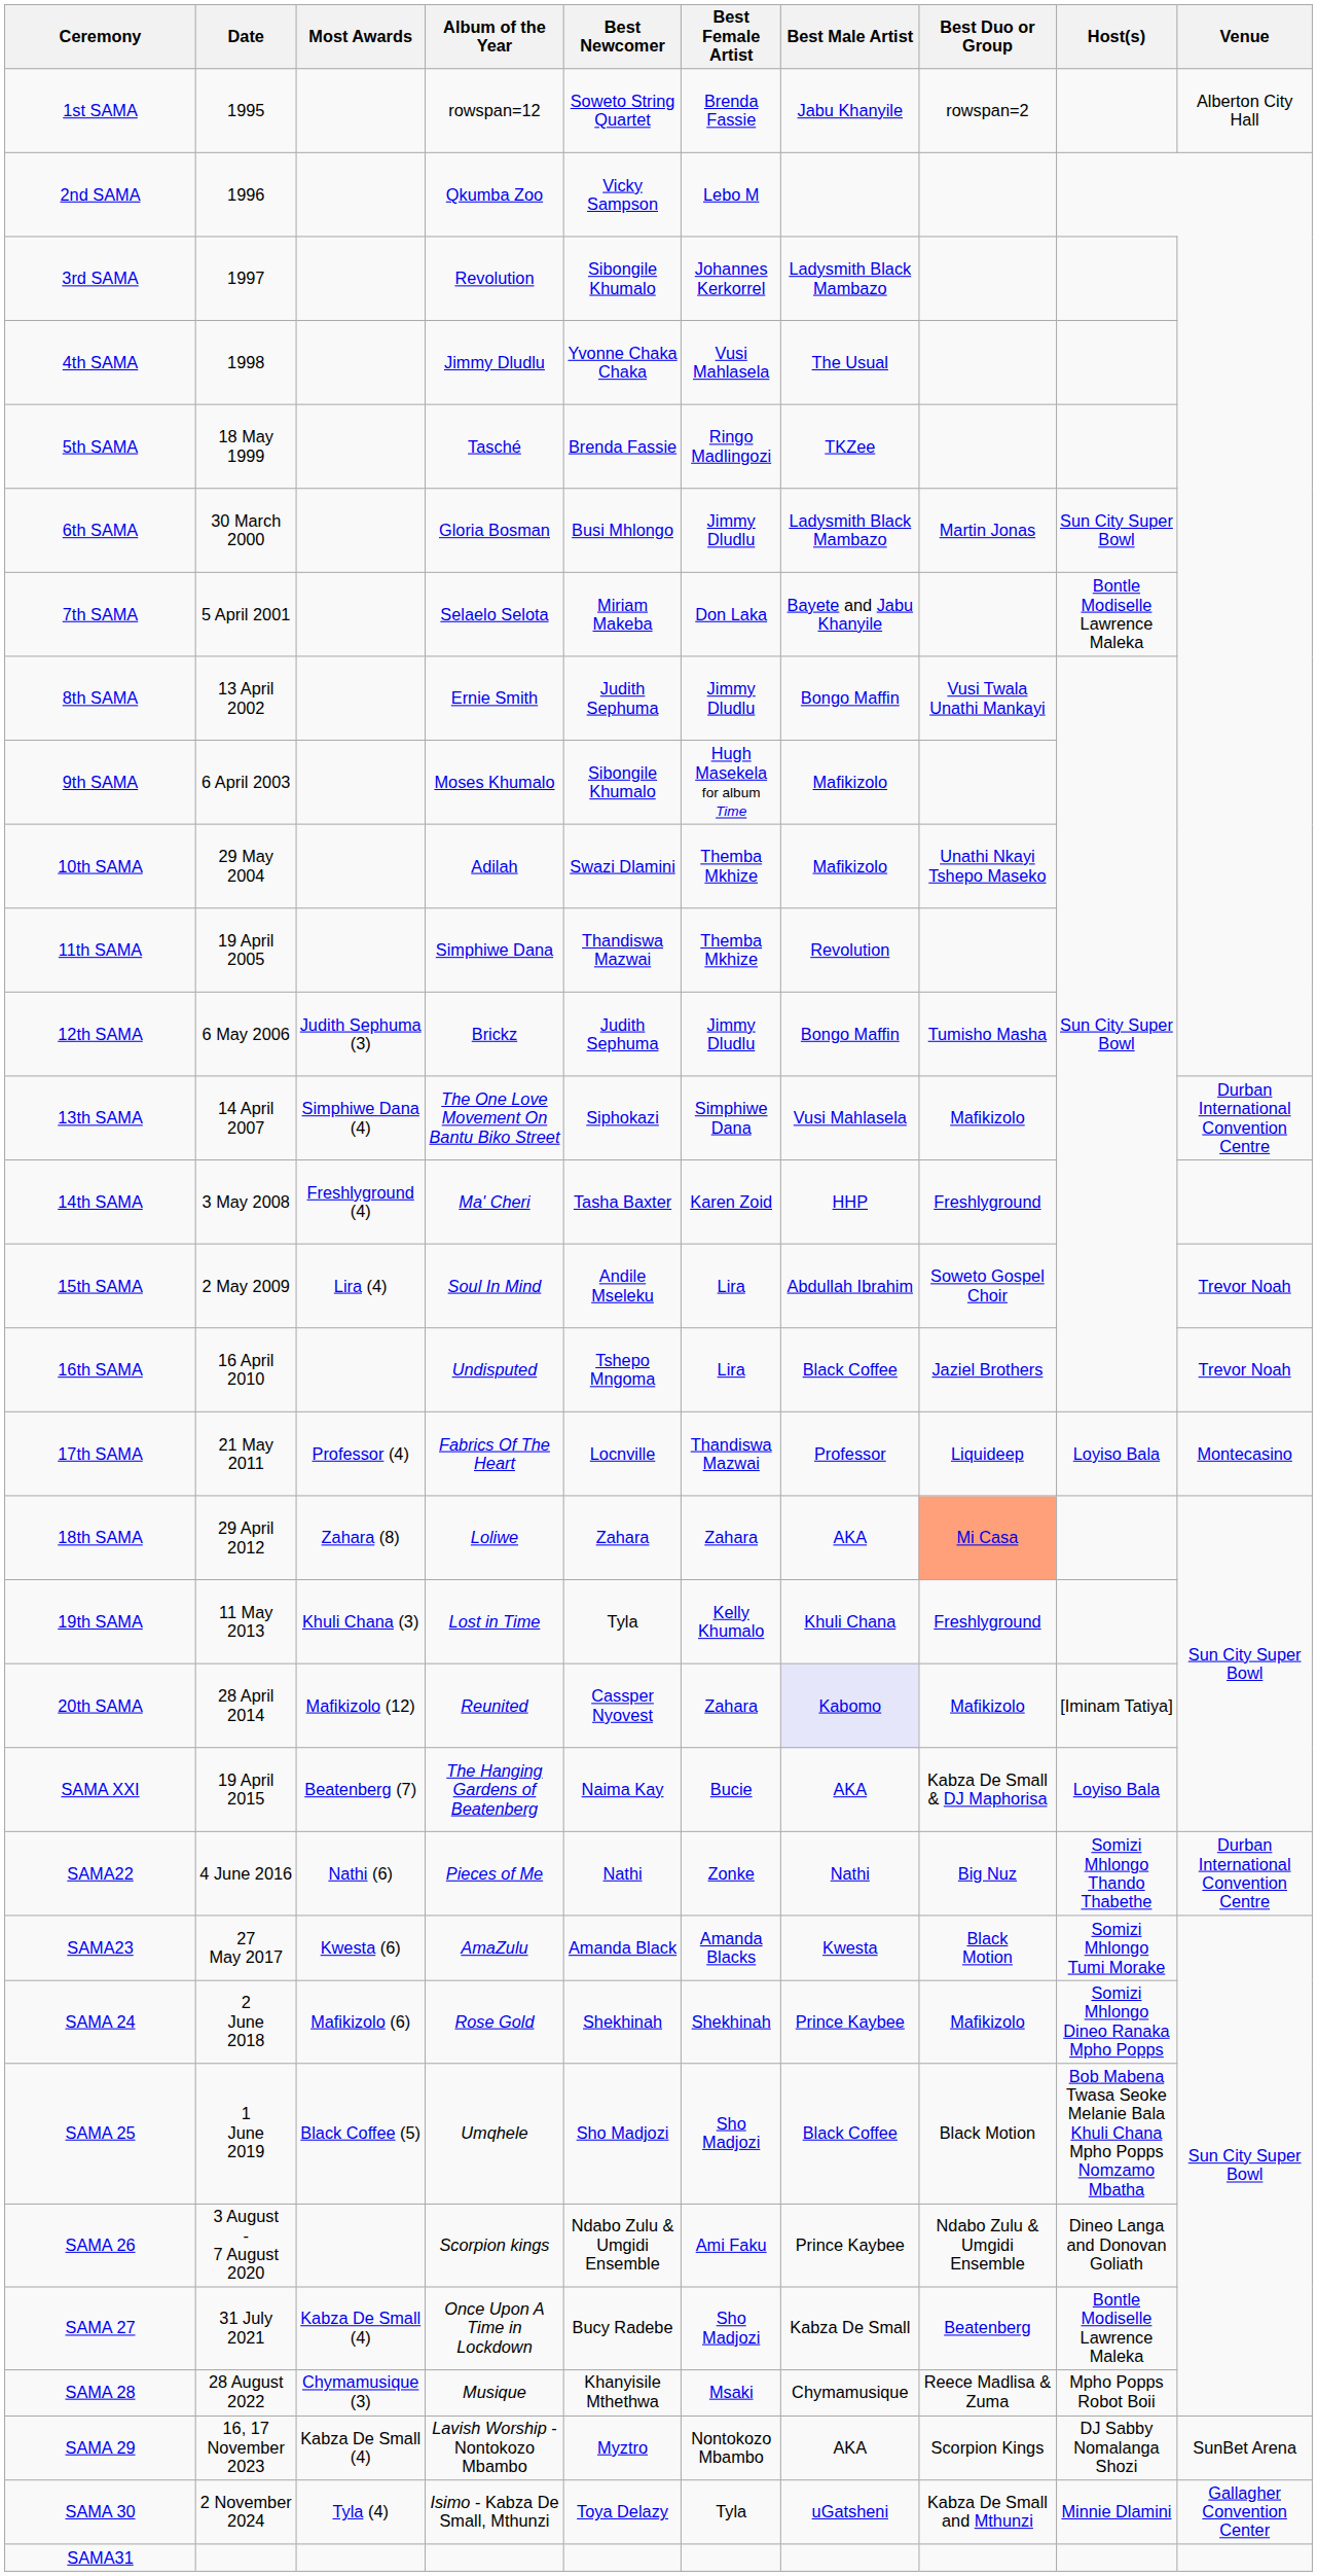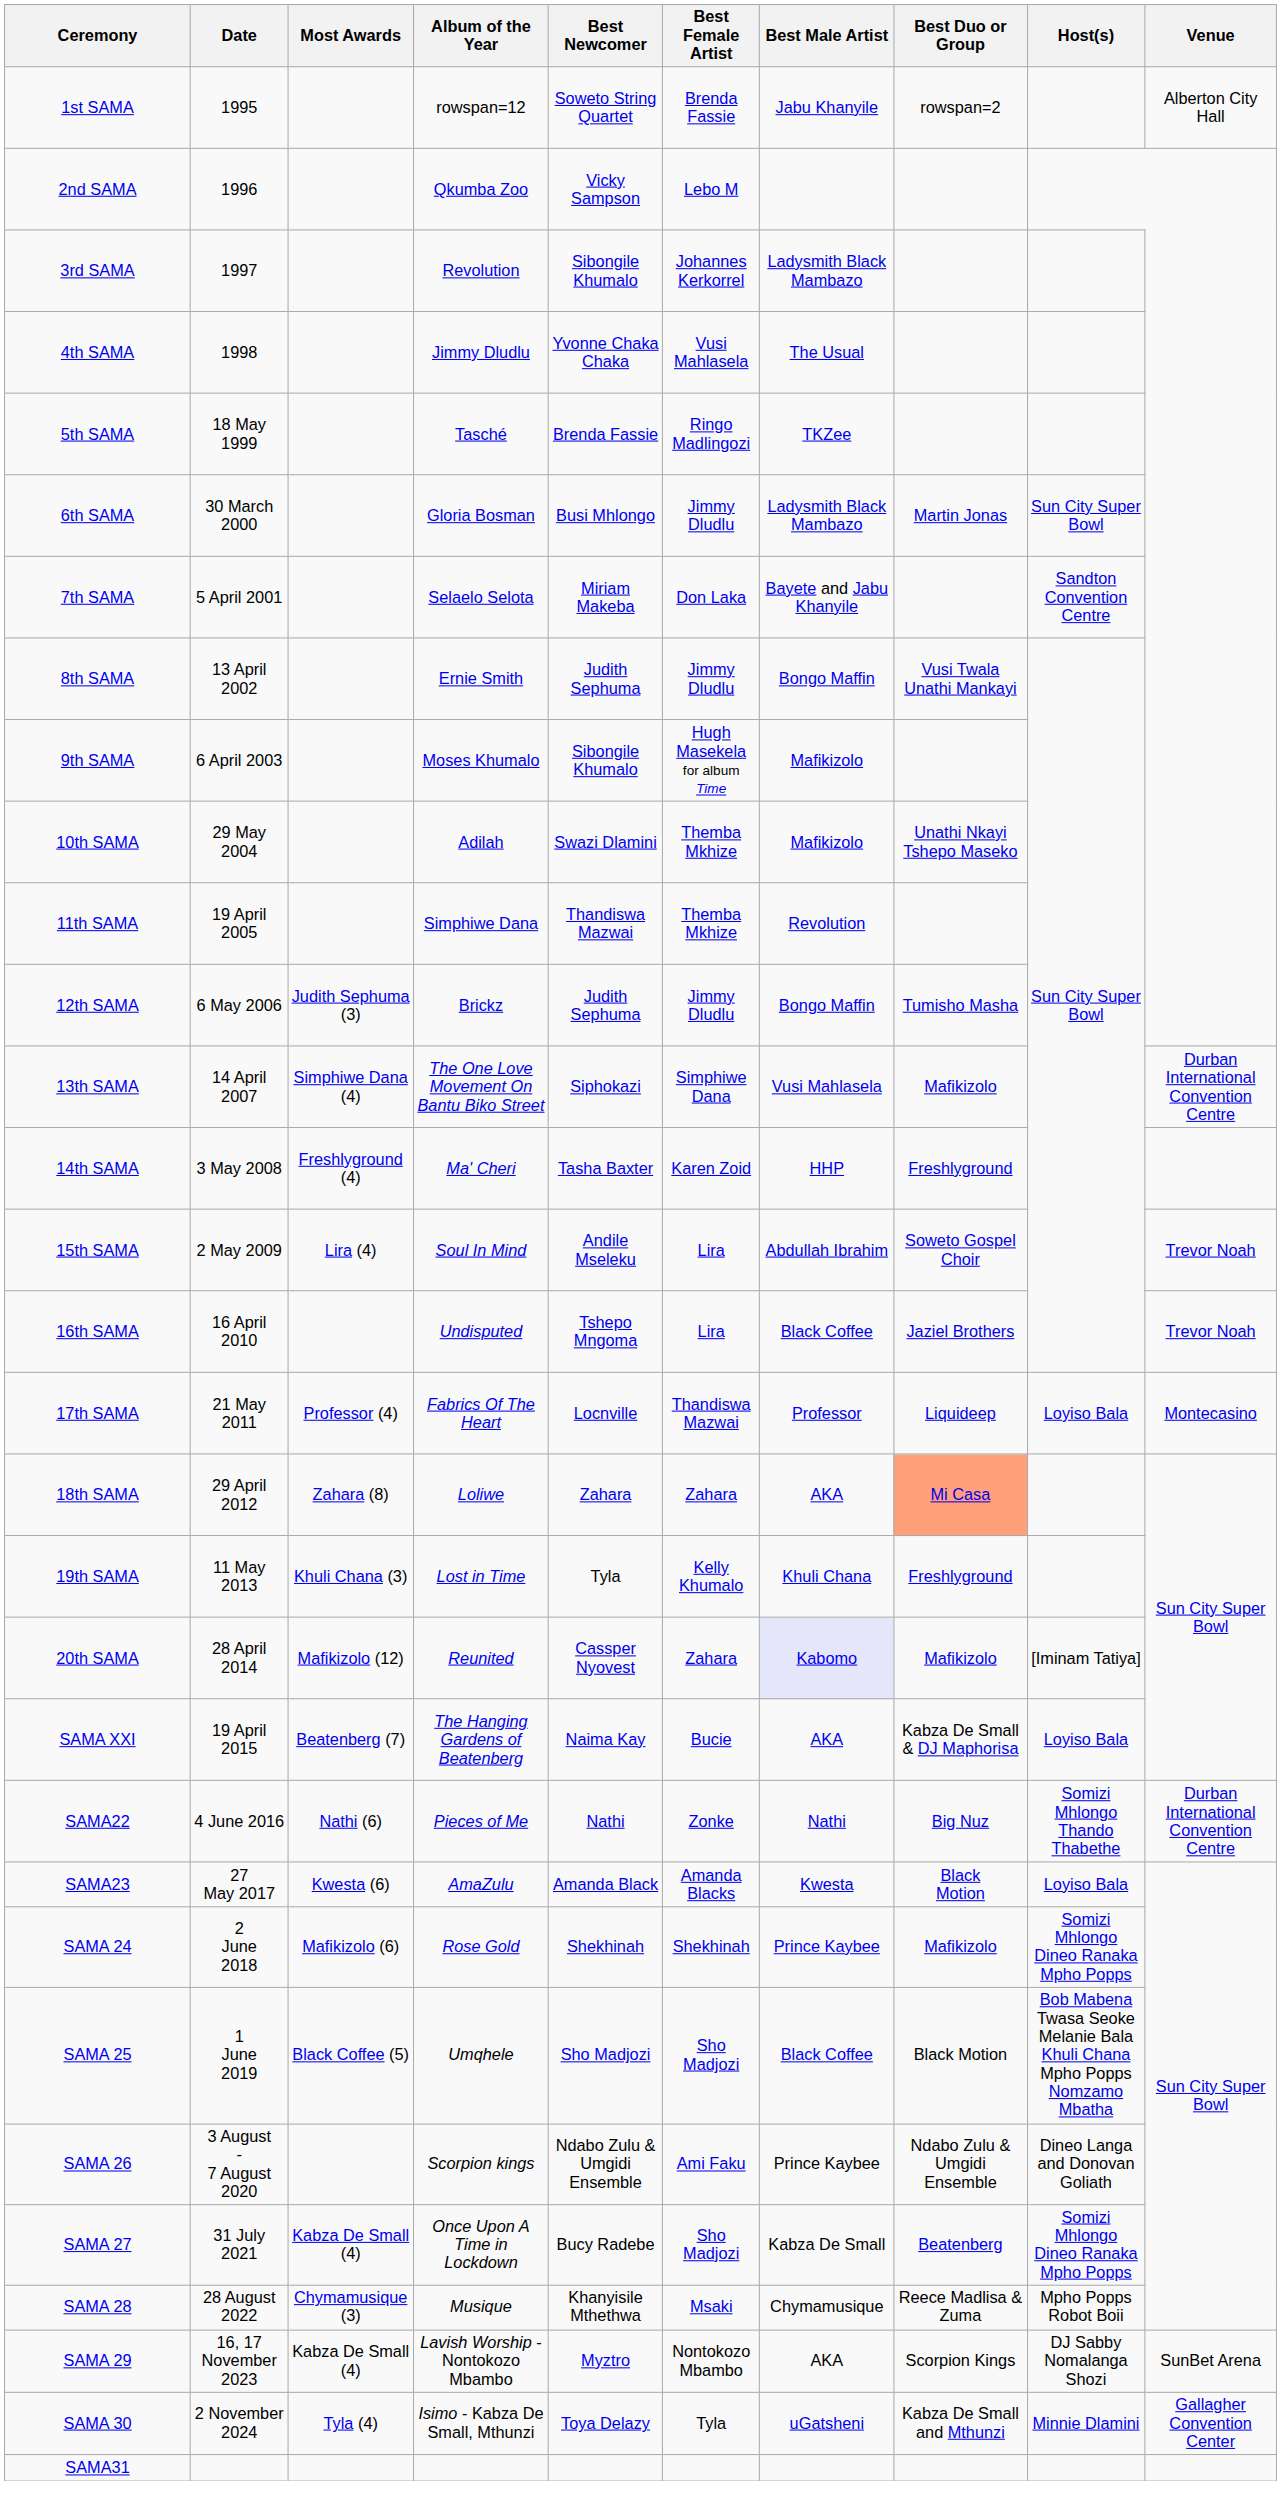 <table class="wikitable" style="text-align: center;" height="200px">
 <tr>
 <th style="width:175px;">Ceremony</th>
 <th style="width:;">Date</th>
 <th style="width:;">Most Awards</th>
 <th style="width:125px;">Album of the Year</th>
 <th style="width:;">Best Newcomer</th>
 <th style="width:;">Best Female Artist</th>
 <th style="width:;">Best Male Artist</th>
 <th style="width:;">Best Duo or Group</th>
 <th style="width:;">Host(s)</th>
 <th style="width:;">Venue</th>
 </tr>
 <tr style="height:80px">
 <td><a href='#'>1st SAMA</a></td>
 <td>1995</td>
 <td></td>
 <td>rowspan=12 </td>
 <td><a href='#'>Soweto String Quartet</a></td>
 <td><a href='#'>Brenda Fassie</a></td>
 <td><a href='#'>Jabu Khanyile</a></td>
 <td>rowspan=2 </td>
 <td></td>
 <td>Alberton City Hall</td>
 </tr>
 <tr style="height:80px">
 <td><a href='#'>2nd SAMA</a></td>
 <td>1996</td>
 <td></td>
 <td><a href='#'>Qkumba Zoo</a></td>
 <td><a href='#'>Vicky Sampson</a></td>
 <td><a href='#'>Lebo M</a></td>
 <td></td>
 <td></td>
 </tr>
 <tr style="height:80px">
 <td><a href='#'>3rd SAMA</a></td>
 <td>1997</td>
 <td></td>
 <td><a href='#'>Revolution</a></td>
 <td><a href='#'>Sibongile Khumalo</a></td>
 <td><a href='#'>Johannes Kerkorrel</a></td>
 <td><a href='#'>Ladysmith Black Mambazo</a></td>
 <td></td>
 <td></td>
 </tr>
 <tr style="height:80px">
 <td><a href='#'>4th SAMA</a></td>
 <td>1998</td>
 <td></td>
 <td><a href='#'>Jimmy Dludlu</a></td>
 <td><a href='#'>Yvonne Chaka Chaka</a></td>
 <td><a href='#'>Vusi Mahlasela</a></td>
 <td><a href='#'>The Usual</a></td>
 <td></td>
 <td></td>
 </tr>
 <tr style="height:80px">
 <td><a href='#'>5th SAMA</a></td>
 <td>18 May 1999</td>
 <td></td>
 <td><a href='#'>Tasché</a></td>
 <td><a href='#'>Brenda Fassie</a></td>
 <td><a href='#'>Ringo Madlingozi</a></td>
 <td><a href='#'>TKZee</a></td>
 <td></td>
 <td></td>
 </tr>
 <tr style="height:80px">
 <td><a href='#'>6th SAMA</a></td>
 <td>30 March 2000</td>
 <td></td>
 <td><a href='#'>Gloria Bosman</a></td>
 <td><a href='#'>Busi Mhlongo</a></td>
 <td><a href='#'>Jimmy Dludlu</a></td>
 <td><a href='#'>Ladysmith Black Mambazo</a></td>
 <td><a href='#'>Martin Jonas</a></td>
 <td><a href='#'>Sun City Super Bowl</a></td>
 </tr>
 <tr style="height:80px">
 <td><a href='#'>7th SAMA</a></td>
 <td>5 April 2001</td>
 <td></td>
 <td><a href='#'>Selaelo Selota</a></td>
 <td><a href='#'>Miriam Makeba</a></td>
 <td><a href='#'>Don Laka</a></td>
 <td><a href='#'>Bayete</a> and <a href='#'>Jabu Khanyile</a></td>
 <td></td>
-<td><a href='#'>Bontle Modiselle</a><br>Lawrence Maleka</td>
+<td><a href='#'>Sandton Convention Centre</a></td>
 </tr>
 <tr style="height:80px">
 <td><a href='#'>8th SAMA</a></td>
 <td>13 April 2002</td>
 <td></td>
 <td><a href='#'>Ernie Smith</a></td>
 <td><a href='#'>Judith Sephuma</a></td>
 <td><a href='#'>Jimmy Dludlu</a></td>
 <td><a href='#'>Bongo Maffin</a></td>
 <td><a href='#'>Vusi Twala</a><br><a href='#'>Unathi Mankayi</a></td>
 <td rowspan=9><a href='#'>Sun City Super Bowl</a></td>
 </tr>
 <tr style="height:80px">
 <td><a href='#'>9th SAMA</a></td>
 <td>6 April 2003</td>
 <td></td>
 <td><a href='#'>Moses Khumalo</a></td>
 <td><a href='#'>Sibongile Khumalo</a></td>
 <td><a href='#'>Hugh Masekela</a><br><small>for album <em><a href='#'>Time</a></em></small></td>
 <td><a href='#'>Mafikizolo</a></td>
 <td></td>
 </tr>
 <tr style="height:80px">
 <td><a href='#'>10th SAMA</a></td>
 <td>29 May 2004</td>
 <td></td>
 <td><a href='#'>Adilah</a></td>
 <td><a href='#'>Swazi Dlamini</a></td>
 <td><a href='#'>Themba Mkhize</a></td>
 <td><a href='#'>Mafikizolo</a></td>
 <td><a href='#'>Unathi Nkayi</a> <br><a href='#'>Tshepo Maseko</a></td>
 </tr>
 <tr style="height:80px">
 <td><a href='#'>11th SAMA</a></td>
 <td>19 April 2005</td>
 <td></td>
 <td><a href='#'>Simphiwe Dana</a></td>
 <td><a href='#'>Thandiswa Mazwai</a></td>
 <td><a href='#'>Themba Mkhize</a></td>
 <td><a href='#'>Revolution</a></td>
 <td></td>
 </tr>
 <tr style="height:80px">
 <td><a href='#'>12th SAMA</a></td>
 <td>6 May 2006</td>
 <td><a href='#'>Judith Sephuma</a> (3)</td>
 <td><a href='#'>Brickz</a></td>
 <td><a href='#'>Judith Sephuma</a></td>
 <td><a href='#'>Jimmy Dludlu</a></td>
 <td><a href='#'>Bongo Maffin</a></td>
 <td><a href='#'>Tumisho Masha</a></td>
 </tr>
 <tr style="height:80px">
 <td><a href='#'>13th SAMA</a></td>
 <td>14 April 2007</td>
 <td><a href='#'>Simphiwe Dana</a> (4)</td>
 <td><em><a href='#'>The One Love Movement On Bantu Biko Street</a></em></td>
 <td><a href='#'>Siphokazi</a></td>
 <td><a href='#'>Simphiwe Dana</a></td>
 <td><a href='#'>Vusi Mahlasela</a></td>
 <td><a href='#'>Mafikizolo</a></td>
 <td><a href='#'>Durban International Convention Centre</a></td>
 </tr>
 <tr style="height:80px">
 <td><a href='#'>14th SAMA</a></td>
 <td>3 May 2008</td>
 <td><a href='#'>Freshlyground</a> (4)</td>
 <td><em><a href='#'>Ma' Cheri</a></em></td>
 <td><a href='#'>Tasha Baxter</a></td>
 <td><a href='#'>Karen Zoid</a></td>
 <td><a href='#'>HHP</a></td>
 <td><a href='#'>Freshlyground</a></td>
 <td></td>
 </tr>
 <tr style="height:80px">
 <td><a href='#'>15th SAMA</a></td>
 <td>2 May 2009</td>
 <td><a href='#'>Lira</a> (4)</td>
 <td><em><a href='#'>Soul In Mind</a></em></td>
 <td><a href='#'>Andile Mseleku</a></td>
 <td><a href='#'>Lira</a></td>
 <td><a href='#'>Abdullah Ibrahim</a></td>
 <td><a href='#'>Soweto Gospel Choir</a></td>
 <td><a href='#'>Trevor Noah</a></td>
 </tr>
 <tr style="height:80px">
 <td><a href='#'>16th SAMA</a></td>
 <td>16 April 2010</td>
 <td></td>
 <td><em><a href='#'>Undisputed</a></em></td>
 <td><a href='#'>Tshepo Mngoma</a></td>
 <td><a href='#'>Lira</a></td>
 <td><a href='#'>Black Coffee</a></td>
 <td><a href='#'>Jaziel Brothers</a></td>
 <td><a href='#'>Trevor Noah</a></td>
 </tr>
 <tr style="height:80px">
 <td><a href='#'>17th SAMA</a></td>
 <td>21 May 2011</td>
 <td><a href='#'>Professor</a> (4)</td>
 <td><em><a href='#'>Fabrics Of The Heart</a></em></td>
 <td><a href='#'>Locnville</a></td>
 <td><a href='#'>Thandiswa Mazwai</a></td>
 <td><a href='#'>Professor</a></td>
 <td><a href='#'>Liquideep</a></td>
 <td><a href='#'>Loyiso Bala</a></td>
 <td><a href='#'>Montecasino</a></td>
 </tr>
 <tr style="height:80px">
 <td><a href='#'>18th SAMA</a></td>
 <td>29 April 2012</td>
 <td><a href='#'>Zahara</a> (8)</td>
 <td><em><a href='#'>Loliwe</a></em></td>
 <td><a href='#'>Zahara</a></td>
 <td><a href='#'>Zahara</a></td>
 <td><a href='#'>AKA</a></td>
 <td style="background: lightsalmon;"><a href='#'>Mi Casa</a></td>
 <td></td>
 <td rowspan=4><a href='#'>Sun City Super Bowl</a></td>
 </tr>
 <tr style="height:80px">
 <td><a href='#'>19th SAMA</a></td>
 <td>11 May 2013</td>
 <td><a href='#'>Khuli Chana</a> (3)</td>
 <td><em><a href='#'>Lost in Time</a></em></td>
 <td>Tyla</td>
 <td><a href='#'>Kelly Khumalo</a></td>
 <td><a href='#'>Khuli Chana</a></td>
 <td><a href='#'>Freshlyground</a></td>
 </tr>
 <tr style="height:80px">
 <td><a href='#'>20th SAMA</a></td>
 <td>28 April 2014</td>
 <td><a href='#'>Mafikizolo</a> (12)</td>
 <td><em><a href='#'>Reunited</a></em></td>
 <td><a href='#'>Cassper Nyovest</a></td>
 <td><a href='#'>Zahara</a></td>
 <td style="background: lavender;"><a href='#'>Kabomo</a></td>
 <td><a href='#'>Mafikizolo</a></td>
 <td>[Iminam Tatiya]</td>
 </tr>
 <tr style="height:80px">
 <td><a href='#'>SAMA XXI</a></td>
 <td>19 April 2015</td>
 <td><a href='#'>Beatenberg</a> (7)</td>
 <td><em><a href='#'>The Hanging Gardens of Beatenberg</a></em></td>
 <td><a href='#'>Naima Kay</a></td>
 <td><a href='#'>Bucie</a></td>
 <td><a href='#'>AKA</a></td>
 <td>Kabza De Small & <a href='#'>DJ Maphorisa</a></td>
 <td><a href='#'>Loyiso Bala</a></td>
 </tr>
 <tr style="height:80px">
 <td><a href='#'>SAMA22</a></td>
 <td>4 June 2016</td>
 <td><a href='#'>Nathi</a> (6)</td>
 <td><em><a href='#'>Pieces of Me</a></em></td>
 <td><a href='#'>Nathi</a></td>
 <td><a href='#'>Zonke</a></td>
 <td><a href='#'>Nathi</a></td>
 <td><a href='#'>Big Nuz</a></td>
 <td><a href='#'>Somizi Mhlongo</a> <br> <a href='#'>Thando Thabethe</a></td>
 <td><a href='#'>Durban International Convention Centre</a></td>
 </tr>
 <tr>
 <td><a href='#'>SAMA23</a><br></td>
 <td>27<br>May 2017</td>
 <td><a href='#'>Kwesta</a> (6)</td>
 <td><em><a href='#'>AmaZulu</a></em></td>
 <td><a href='#'>Amanda Black</a></td>
 <td><a href='#'>Amanda</a><br><a href='#'>Blacks</a></td>
 <td><a href='#'>Kwesta</a></td>
 <td><a href='#'>Black</a><br><a href='#'>Motion</a></td>
-<td><a href='#'>Somizi Mhlongo</a> <br> <a href='#'>Tumi Morake</a></td>
+<td><a href='#'>Loyiso Bala</a></td>
 <td rowspan="6"><a href='#'>Sun City Super Bowl</a></td>
 </tr>
 <tr>
 <td><a href='#'>SAMA 24</a><br></td>
 <td>2<br>June<br>2018</td>
 <td><a href='#'>Mafikizolo</a> (6)</td>
 <td><em><a href='#'>Rose Gold</a></em></td>
 <td><a href='#'>Shekhinah</a></td>
 <td><a href='#'>Shekhinah</a></td>
 <td><a href='#'>Prince Kaybee</a></td>
 <td><a href='#'>Mafikizolo</a></td>
 <td><a href='#'>Somizi Mhlongo</a><br><a href='#'>Dineo Ranaka</a> <a href='#'>Mpho Popps</a></td>
 </tr>
 <tr>
 <td><a href='#'>SAMA 25</a><br></td>
 <td>1<br>June<br>2019</td>
 <td><a href='#'>Black Coffee</a> (5)</td>
 <td><em>Umqhele</em></td>
 <td><a href='#'>Sho Madjozi</a></td>
 <td><a href='#'>Sho Madjozi</a></td>
 <td><a href='#'>Black Coffee</a></td>
 <td>Black Motion</td>
 <td><a href='#'>Bob Mabena</a><br>Twasa Seoke<br>Melanie Bala<br><a href='#'>Khuli Chana</a><br>Mpho Popps<br><a href='#'>Nomzamo Mbatha</a></td>
 </tr>
 <tr>
 <td><a href='#'>SAMA 26</a></td>
 <td>3 August<br>-<br>7 August 2020</td>
 <td></td>
 <td><em>Scorpion kings</em></td>
 <td>Ndabo Zulu & Umgidi Ensemble</td>
 <td><a href='#'>Ami Faku</a></td>
 <td>Prince Kaybee</td>
 <td>Ndabo Zulu & Umgidi Ensemble</td>
 <td>Dineo Langa and Donovan Goliath</td>
 </tr>
 <tr>
 <td><a href='#'>SAMA 27</a></td>
 <td>31 July 2021</td>
 <td><a href='#'>Kabza De Small</a> (4)</td>
 <td><em>Once Upon A Time in Lockdown</em></td>
 <td>Bucy Radebe</td>
 <td><a href='#'>Sho Madjozi</a></td>
 <td>Kabza De Small</td>
 <td><a href='#'>Beatenberg</a></td>
-<td><a href='#'>Bontle Modiselle</a><br>Lawrence Maleka</td>
+<td><a href='#'>Somizi Mhlongo</a><br><a href='#'>Dineo Ranaka</a> <a href='#'>Mpho Popps</a></td>
 </tr>
 <tr>
 <td><a href='#'>SAMA 28</a></td>
 <td>28 August 2022</td>
 <td><a href='#'>Chymamusique</a> (3)</td>
 <td><em>Musique</em></td>
 <td>Khanyisile Mthethwa</td>
 <td><a href='#'>Msaki</a></td>
 <td>Chymamusique</td>
 <td>Reece Madlisa & Zuma</td>
 <td>Mpho Popps <br> Robot Boii</td>
 </tr>
 <tr>
 <td><a href='#'>SAMA 29</a></td>
 <td>16, 17 November 2023</td>
 <td>Kabza De Small (4)</td>
 <td><em>Lavish Worship</em> - Nontokozo Mbambo</td>
 <td><a href='#'>Myztro</a></td>
 <td>Nontokozo Mbambo</td>
 <td>AKA</td>
 <td>Scorpion Kings</td>
 <td>DJ Sabby <br> Nomalanga Shozi</td>
 <td>SunBet Arena</td>
 </tr>
 <tr>
 <td><a href='#'>SAMA 30</a></td>
 <td>2 November 2024</td>
 <td><a href='#'>Tyla</a> (4)</td>
 <td><em>Isimo</em> - Kabza De Small, Mthunzi</td>
 <td><a href='#'>Toya Delazy</a></td>
 <td>Tyla</td>
 <td><a href='#'>uGatsheni</a></td>
 <td>Kabza De Small and <a href='#'>Mthunzi</a></td>
 <td><a href='#'>Minnie Dlamini</a></td>
 <td><a href='#'>Gallagher Convention Center</a></td>
 </tr>
 <tr>
 <td><a href='#'>SAMA31</a></td>
 <td></td>
 <td></td>
 <td></td>
 <td></td>
 <td></td>
 <td></td>
 <td></td>
 <td></td>
 <td></td>
 </tr>
 </table>
